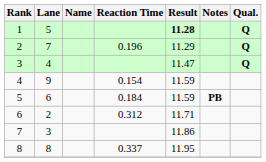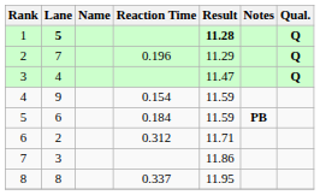 <table class="wikitable" style="text-align:center">
 <tr>
 <th>Rank</th>
 <th>Lane</th>
 <th>Name</th>
 <th>Reaction Time</th>
 <th>Result</th>
 <th>Notes</th>
 <th>Qual.</th>
 </tr>
 <tr bgcolor=ccffcc>
 <td>1</td>
-<td>5</td>
+<td><strong>5</strong></td>
 <td align="left"></td>
 <td></td>
 <td><strong>11.28</strong></td>
 <td></td>
 <td><strong>Q</strong></td>
 </tr>
 <tr bgcolor=ccffcc>
 <td>2</td>
 <td>7</td>
 <td align="left"></td>
 <td>0.196</td>
 <td>11.29</td>
 <td></td>
 <td><strong>Q</strong></td>
 </tr>
 <tr bgcolor=ccffcc>
 <td>3</td>
 <td>4</td>
 <td align="left"></td>
 <td></td>
 <td>11.47</td>
 <td></td>
 <td><strong>Q</strong></td>
 </tr>
 <tr>
 <td>4</td>
 <td>9</td>
 <td align="left"></td>
 <td>0.154</td>
 <td>11.59</td>
 <td></td>
 <td></td>
 </tr>
 <tr>
 <td>5</td>
 <td>6</td>
 <td align="left"></td>
 <td>0.184</td>
 <td>11.59</td>
 <td><strong>PB</strong></td>
 <td></td>
 </tr>
 <tr>
 <td>6</td>
 <td>2</td>
 <td align="left"></td>
 <td>0.312</td>
 <td>11.71</td>
 <td></td>
 <td></td>
 </tr>
 <tr>
 <td>7</td>
 <td>3</td>
 <td align="left"></td>
 <td></td>
 <td>11.86</td>
 <td></td>
 <td></td>
 </tr>
 <tr>
 <td>8</td>
 <td>8</td>
 <td align="left"></td>
 <td>0.337</td>
 <td>11.95</td>
 <td></td>
 <td></td>
 </tr>
 <tr>
 </tr>
 </table>
